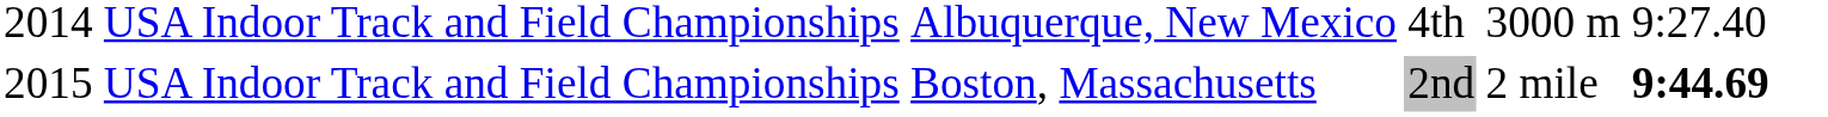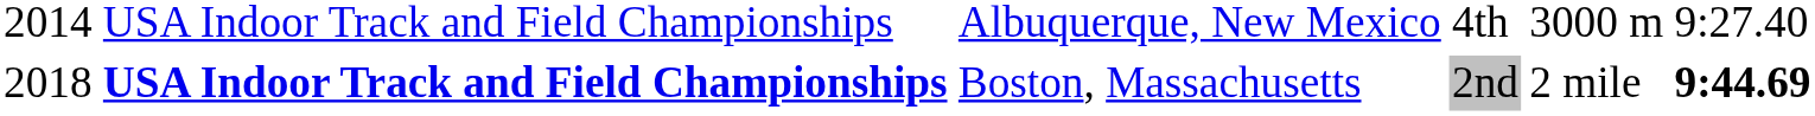 <table>
 <tr>
 <td>2014</td>
 <td><a href='#'>USA Indoor Track and Field Championships</a></td>
 <td><a href='#'>Albuquerque, New Mexico</a></td>
 <td>4th</td>
 <td>3000 m</td>
 <td>9:27.40</td>
 </tr>
 <tr>
-<td>2015</td>
-<td><a href='#'>USA Indoor Track and Field Championships</a></td>
+<td>2018</td>
+<td><strong><a href='#'>USA Indoor Track and Field Championships</a></strong></td>
 <td><a href='#'>Boston</a>, <a href='#'>Massachusetts</a></td>
 <td style="background:silver;">2nd</td>
 <td>2 mile</td>
 <td><strong>9:44.69</strong></td>
 </tr>
 </table>
